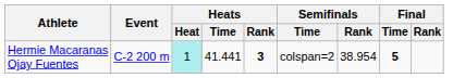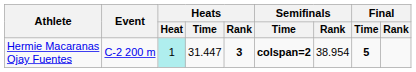 <table class=wikitable style="font-size:90%">
 <tr>
 <th rowspan="2">Athlete</th>
 <th rowspan="2">Event</th>
 <th colspan=3>Heats</th>
 <th colspan=2>Semifinals</th>
 <th colspan=2>Final</th>
 </tr>
 <tr style="font-size:95%">
 <th>Heat</th>
 <th>Time</th>
 <th>Rank</th>
 <th>Time</th>
 <th>Rank</th>
 <th>Time</th>
 <th>Rank</th>
 </tr>
 <tr align=center>
 <td align=left><a href='#'>Hermie Macaranas</a><br><a href='#'>Ojay Fuentes</a></td>
 <td align=left><a href='#'>C-2 200 m</a></td>
 <td style="background: paleturquoise;">1</td>
-<td>41.441</td>
+<td>31.447</td>
 <td><strong>3 </strong></td>
-<td>colspan=2 </td>
+<td><strong>colspan=2 </strong></td>
 <td>38.954</td>
 <td><strong>5</strong></td>
 </tr>
 </table>
